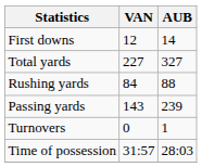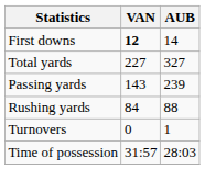 <table class="wikitable" style="float: left;">
 <tr>
 <th>Statistics</th>
 <th>VAN</th>
 <th>AUB</th>
 </tr>
 <tr>
 <td>First downs</td>
-<td>12</td>
+<td><strong>12</strong></td>
 <td>14</td>
 </tr>
 <tr>
 <td>Total yards</td>
 <td>227</td>
 <td>327</td>
 </tr>
 <tr>
+<td>Passing yards</td>
+<td>143</td>
+<td>239</td>
+</tr>
+<tr>
 <td>Rushing yards</td>
 <td>84</td>
 <td>88</td>
-</tr>
-<tr>
-<td>Passing yards</td>
-<td>143</td>
-<td>239</td>
 </tr>
 <tr>
 <td>Turnovers</td>
 <td>0</td>
 <td>1</td>
 </tr>
 <tr>
 <td>Time of possession</td>
 <td>31:57</td>
 <td>28:03</td>
 </tr>
 <tr>
 </tr>
 </table>
